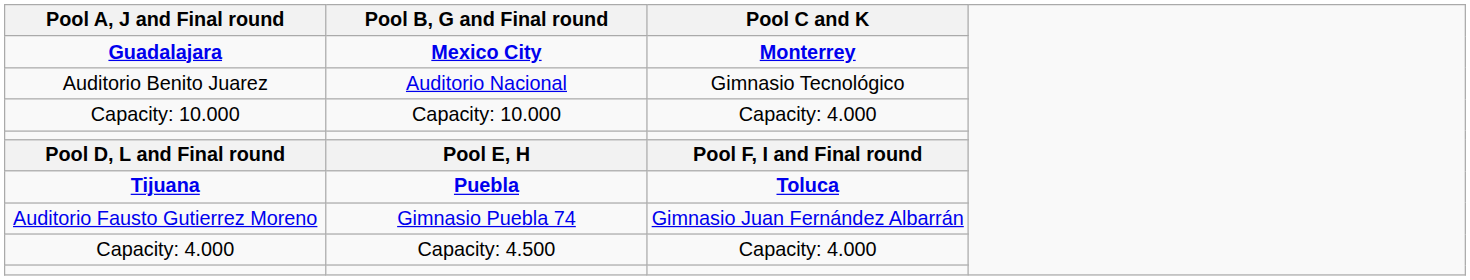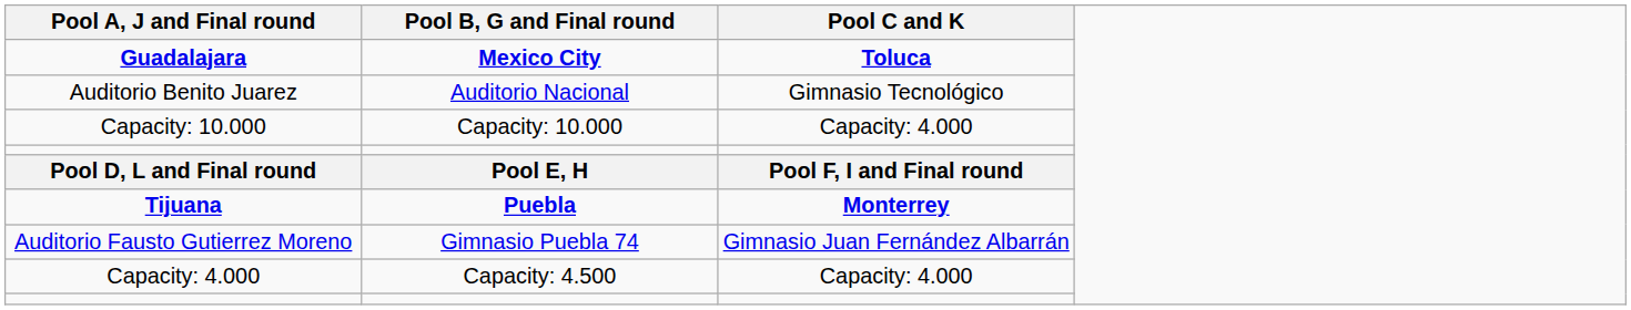 <table class=wikitable style=text-align:center>
 <tr>
 <th width=22%>Pool A, J and Final round</th>
 <th width=22%>Pool B, G and Final round</th>
 <th width=22%>Pool C and K</th>
 <td rowspan="10" colspan="2"></td>
 </tr>
 <tr>
 <td><strong><a href='#'>Guadalajara</a></strong><br></td>
 <td><strong><a href='#'>Mexico City</a></strong></td>
-<td><strong><a href='#'>Monterrey</a></strong></td>
+<td><strong><a href='#'>Toluca</a></strong></td>
 </tr>
 <tr>
 <td>Auditorio Benito Juarez</td>
 <td><a href='#'>Auditorio Nacional</a></td>
 <td>Gimnasio Tecnológico</td>
 </tr>
 <tr>
 <td>Capacity: 10.000</td>
 <td>Capacity: 10.000</td>
 <td>Capacity: 4.000</td>
 </tr>
 <tr>
 <td></td>
 <td></td>
 <td></td>
 </tr>
 <tr>
 <th>Pool D, L and Final round</th>
 <th>Pool E, H</th>
 <th>Pool F, I and Final round</th>
 </tr>
 <tr>
 <td><strong><a href='#'>Tijuana</a></strong></td>
 <td><strong><a href='#'>Puebla</a></strong></td>
-<td><strong><a href='#'>Toluca</a></strong></td>
+<td><strong><a href='#'>Monterrey</a></strong></td>
 </tr>
 <tr>
 <td><a href='#'>Auditorio Fausto Gutierrez Moreno</a></td>
 <td><a href='#'>Gimnasio Puebla 74</a></td>
 <td><a href='#'>Gimnasio Juan Fernández Albarrán</a></td>
 </tr>
 <tr>
 <td>Capacity: 4.000</td>
 <td>Capacity: 4.500</td>
 <td>Capacity: 4.000</td>
 </tr>
 <tr>
 <td></td>
 <td></td>
 <td></td>
 </tr>
 </table>
